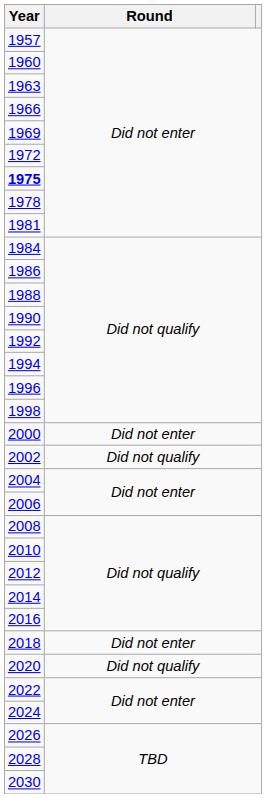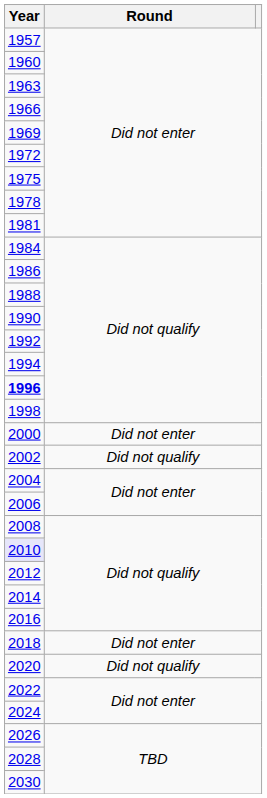 <table class="wikitable" style="text-align: center; font-size:90%">
 <tr>
 <th>Year</th>
 <th style="width:200px">Round</th>
 <th></th>
 </tr>
 <tr>
 <td><a href='#'>1957</a></td>
 <td colspan="2" rowspan="9"><em>Did not enter</em></td>
 </tr>
 <tr>
 <td><a href='#'>1960</a></td>
 </tr>
 <tr>
 <td><a href='#'>1963</a></td>
 </tr>
 <tr>
 <td><a href='#'>1966</a></td>
 </tr>
 <tr>
 <td><a href='#'>1969</a></td>
 </tr>
 <tr>
 <td><a href='#'>1972</a></td>
 </tr>
 <tr>
-<td><strong><a href='#'>1975</a></strong></td>
+<td><a href='#'>1975</a></td>
 </tr>
 <tr>
 <td><a href='#'>1978</a></td>
 </tr>
 <tr>
 <td><a href='#'>1981</a></td>
 </tr>
 <tr>
 <td><a href='#'>1984</a></td>
 <td colspan="2" rowspan="8"><em>Did not qualify</em></td>
 </tr>
 <tr>
 <td><a href='#'>1986</a></td>
 </tr>
 <tr>
 <td><a href='#'>1988</a></td>
 </tr>
 <tr>
 <td><a href='#'>1990</a></td>
 </tr>
 <tr>
 <td><a href='#'>1992</a></td>
 </tr>
 <tr>
 <td><a href='#'>1994</a></td>
 </tr>
 <tr>
-<td><a href='#'>1996</a></td>
+<td><strong><a href='#'>1996</a></strong></td>
 </tr>
 <tr>
 <td><a href='#'>1998</a></td>
 </tr>
 <tr>
 <td><a href='#'>2000</a></td>
 <td colspan="2"><em>Did not enter</em></td>
 </tr>
 <tr>
 <td><a href='#'>2002</a></td>
 <td colspan="2"><em>Did not qualify</em></td>
 </tr>
 <tr>
 <td><a href='#'>2004</a></td>
 <td colspan="2" rowspan="2"><em>Did not enter</em></td>
 </tr>
 <tr>
 <td><a href='#'>2006</a></td>
 </tr>
 <tr>
 <td><a href='#'>2008</a></td>
 <td colspan="2" rowspan="5"><em>Did not qualify</em></td>
 </tr>
 <tr>
-<td><a href='#'>2010</a></td>
+<td style="background: lavender;"><a href='#'>2010</a></td>
 </tr>
 <tr>
 <td><a href='#'>2012</a></td>
 </tr>
 <tr>
 <td><a href='#'>2014</a></td>
 </tr>
 <tr>
 <td><a href='#'>2016</a></td>
 </tr>
 <tr>
 <td><a href='#'>2018</a></td>
 <td colspan="2"><em>Did not enter</em></td>
 </tr>
 <tr>
 <td><a href='#'>2020</a></td>
 <td colspan="2"><em>Did not qualify</em></td>
 </tr>
 <tr>
 <td><a href='#'>2022</a></td>
 <td colspan="2" rowspan="2"><em>Did not enter</em></td>
 </tr>
 <tr>
 <td><a href='#'>2024</a></td>
 </tr>
 <tr>
 <td><a href='#'>2026</a></td>
 <td colspan="2" rowspan="3"><em>TBD</em></td>
 </tr>
 <tr>
 <td><a href='#'>2028</a></td>
 </tr>
 <tr>
 <td><a href='#'>2030</a></td>
 </tr>
 </table>
